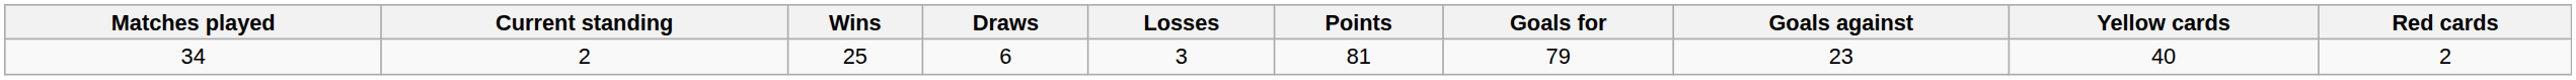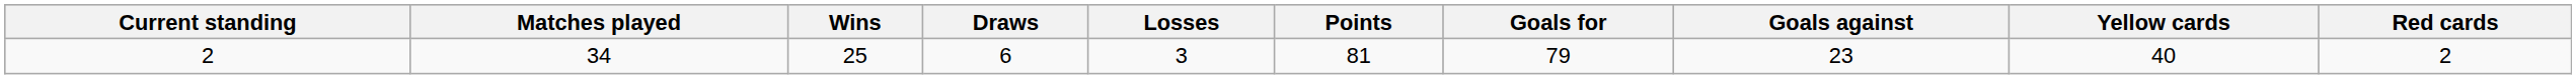 <table class="wikitable" style="width:100%; font-size:85%;">
 <tr>
+<th align=center>Current standing</th>
 <th align=center>Matches played</th>
-<th align=center>Current standing</th>
 <th align=center>Wins</th>
 <th align=center>Draws</th>
 <th align=center>Losses</th>
 <th align=center>Points</th>
 <th align=center>Goals for<br></th>
 <th align=center>Goals against<br></th>
 <th align=center>Yellow cards<br></th>
 <th align=center>Red cards<br> </th>
 </tr>
 <tr>
+<td align=center>2</td>
 <td align=center>34</td>
-<td align=center>2</td>
 <td align=center>25</td>
 <td align=center>6</td>
 <td align=center>3</td>
 <td align=center>81</td>
 <td align=center>79</td>
 <td align=center>23</td>
 <td align=center>40</td>
 <td align=center>2</td>
 </tr>
 </table>
